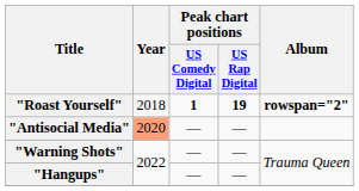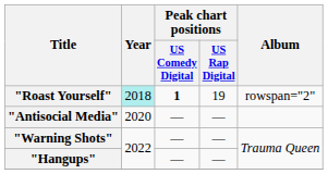 <table class="wikitable plainrowheaders" style="text-align:center;">
 <tr>
 <th scope="col" rowspan="2">Title</th>
 <th scope="col" rowspan="2">Year</th>
 <th scope="col" colspan="2">Peak chart positions</th>
 <th scope="col" rowspan="2">Album</th>
 </tr>
 <tr>
 <th scope="col" style="width:2.5em;font-size:85%;"><a href='#'>US<br>Comedy<br>Digital</a><br></th>
 <th scope="col" style="width:2.5em;font-size:85%;"><a href='#'>US<br>Rap<br>Digital</a><br></th>
 </tr>
 <tr>
 <th scope="row">"Roast Yourself"</th>
-<td>2018</td>
+<td style="background: paleturquoise;">2018</td>
 <td><strong>1</strong></td>
-<td><strong>19</strong></td>
-<td><strong>rowspan="2" </strong></td>
+<td>19</td>
+<td>rowspan="2" </td>
 </tr>
 <tr>
 <th scope="row">"Antisocial Media"</th>
-<td style="background: lightsalmon;">2020</td>
+<td>2020</td>
 <td>—</td>
 <td>—</td>
 </tr>
 <tr>
 <th scope="row">"Warning Shots"</th>
 <td rowspan="2">2022</td>
 <td>—</td>
 <td>—</td>
 <td rowspan="2"><em>Trauma Queen</em></td>
 </tr>
 <tr>
 <th scope="row">"Hangups"</th>
 <td>—</td>
 <td>—</td>
 </tr>
 <tr>
 </tr>
 </table>
